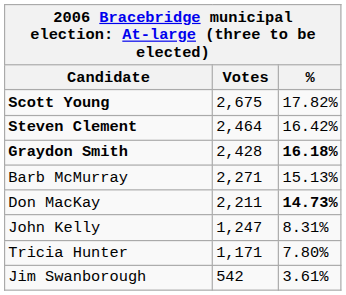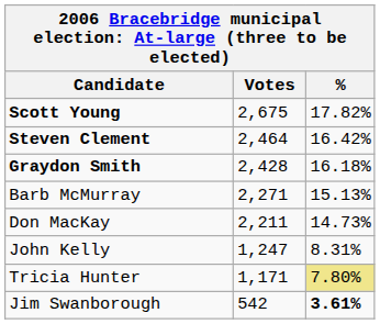 <table class="wikitable">
 <tr>
 <th colspan="3">2006 <a href='#'>Bracebridge</a> municipal election: <a href='#'>At-large</a> (three to be elected)</th>
 </tr>
 <tr>
 <th style="width: 170px">Candidate</th>
 <th style="width: 50px">Votes</th>
 <th style="width: 40px">%</th>
 </tr>
 <tr>
 <td><strong>Scott Young</strong></td>
 <td>2,675</td>
 <td>17.82%</td>
 </tr>
 <tr>
 <td><strong>Steven Clement</strong></td>
 <td>2,464</td>
 <td>16.42%</td>
 </tr>
 <tr>
 <td><strong>Graydon Smith</strong></td>
 <td>2,428</td>
-<td><strong>16.18%</strong></td>
+<td>16.18%</td>
 </tr>
 <tr>
 <td>Barb McMurray</td>
 <td>2,271</td>
 <td>15.13%</td>
 </tr>
 <tr>
 <td>Don MacKay</td>
 <td>2,211</td>
-<td><strong>14.73%</strong></td>
+<td>14.73%</td>
 </tr>
 <tr>
 <td>John Kelly</td>
 <td>1,247</td>
 <td>8.31%</td>
 </tr>
 <tr>
 <td>Tricia Hunter</td>
 <td>1,171</td>
-<td>7.80%</td>
+<td style="background: khaki;">7.80%</td>
 </tr>
 <tr>
 <td>Jim Swanborough</td>
 <td>542</td>
-<td>3.61%</td>
+<td><strong>3.61%</strong></td>
 </tr>
 </table>
